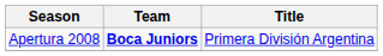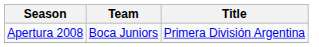 <table class="wikitable">
 <tr>
 <th>Season</th>
 <th>Team</th>
 <th>Title</th>
 </tr>
 <tr>
 <td><a href='#'>Apertura 2008</a></td>
-<td><strong><a href='#'>Boca Juniors</a></strong></td>
+<td><a href='#'>Boca Juniors</a></td>
 <td><a href='#'>Primera División Argentina</a></td>
 </tr>
 <tr>
 </tr>
 </table>
